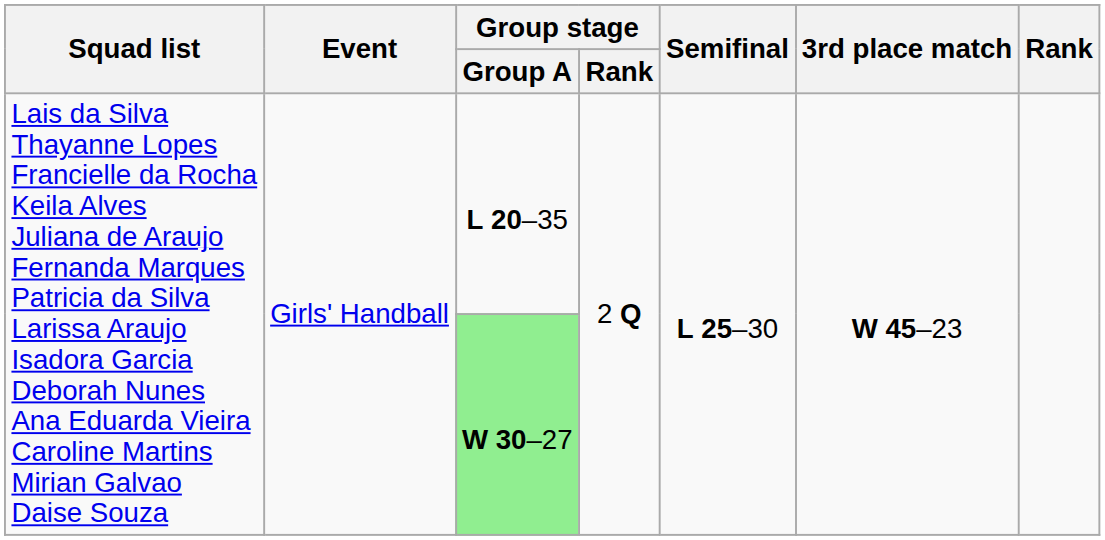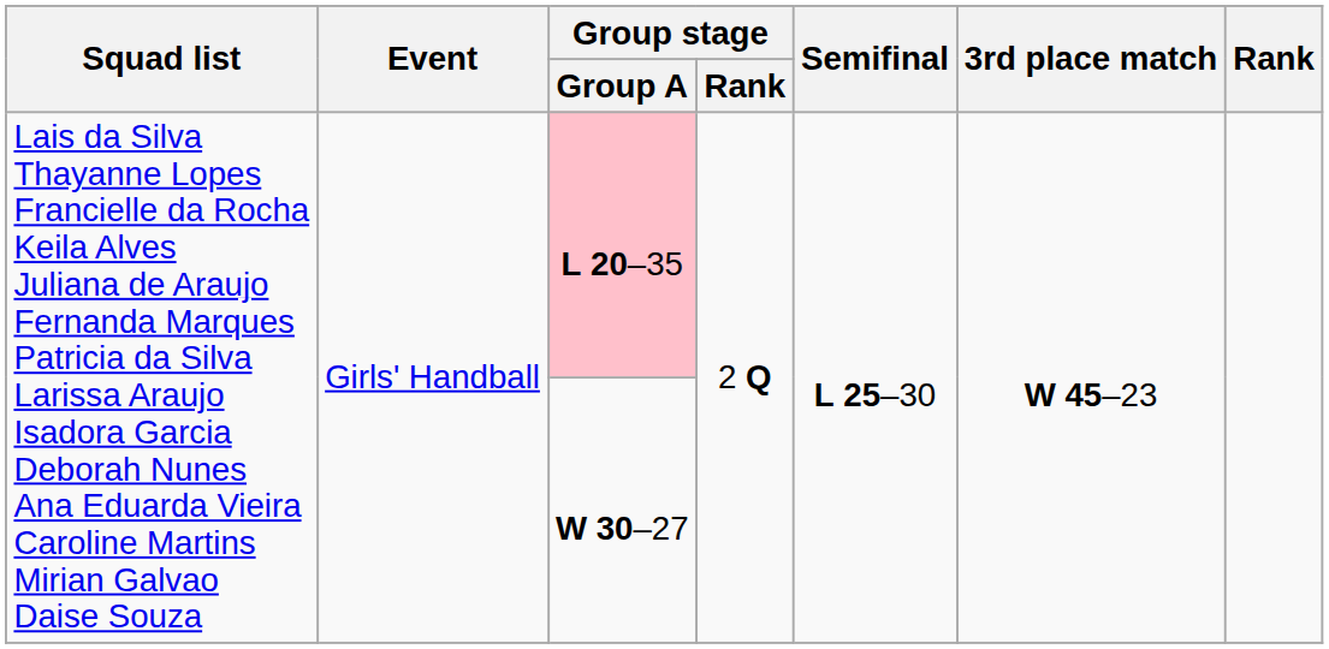 <table class=wikitable style="font-size:90%">
 <tr>
 <th rowspan=2>Squad list</th>
 <th rowspan=2>Event</th>
 <th colspan=2>Group stage</th>
 <th rowspan=2>Semifinal</th>
 <th rowspan=2>3rd place match</th>
 <th rowspan=2>Rank</th>
 </tr>
 <tr>
 <th>Group A</th>
 <th>Rank</th>
 </tr>
 <tr>
 <td rowspan=2><a href='#'>Lais da Silva</a><br><a href='#'>Thayanne Lopes</a><br><a href='#'>Francielle da Rocha</a><br><a href='#'>Keila Alves</a><br><a href='#'>Juliana de Araujo</a><br><a href='#'>Fernanda Marques</a><br><a href='#'>Patricia da Silva</a><br><a href='#'>Larissa Araujo</a><br><a href='#'>Isadora Garcia</a><br><a href='#'>Deborah Nunes</a><br><a href='#'>Ana Eduarda Vieira</a><br><a href='#'>Caroline Martins</a><br><a href='#'>Mirian Galvao</a><br><a href='#'>Daise Souza</a></td>
 <td rowspan=2><a href='#'>Girls' Handball</a></td>
-<td align=center><br> <strong>L</strong> <strong>20</strong>–35</td>
+<td align=center style="background: pink;"><br> <strong>L</strong> <strong>20</strong>–35</td>
 <td rowspan=2 align=center>2 <strong>Q</strong></td>
 <td rowspan=2 align=center><br> <strong>L</strong> <strong>25</strong>–30</td>
 <td rowspan=2 align=center><br> <strong>W</strong> <strong>45</strong>–23</td>
 <td rowspan=2 align=center></td>
 </tr>
 <tr>
-<td align=center style="background: lightgreen;"><br> <strong>W</strong> <strong>30</strong>–27</td>
+<td align=center><br> <strong>W</strong> <strong>30</strong>–27</td>
 </tr>
 </table>
